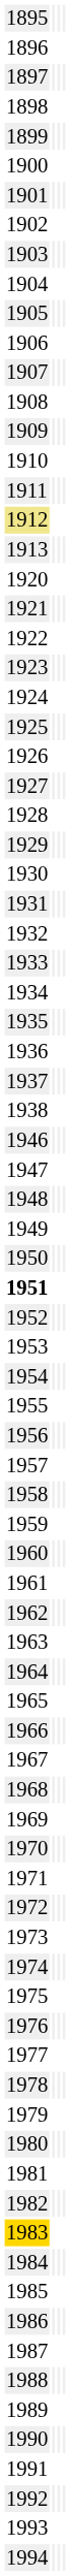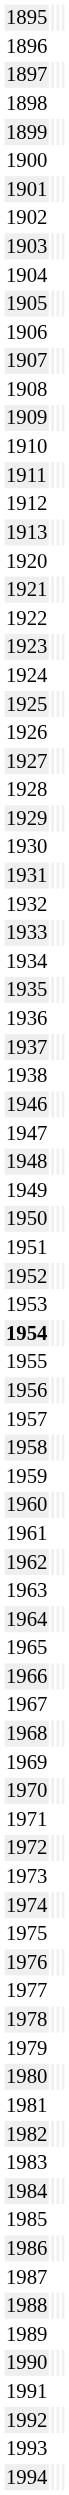 <table>
 <tr bgcolor="#EFEFEF">
 <td>1895</td>
 <td></td>
 <td></td>
 <td></td>
 </tr>
 <tr>
 <td>1896</td>
 <td></td>
 <td></td>
 <td></td>
 </tr>
 <tr bgcolor="#EFEFEF">
 <td>1897</td>
 <td></td>
 <td></td>
 <td></td>
 </tr>
 <tr>
 <td>1898</td>
 <td></td>
 <td></td>
 <td></td>
 </tr>
 <tr bgcolor="#EFEFEF">
 <td>1899</td>
 <td></td>
 <td></td>
 <td></td>
 </tr>
 <tr>
 <td>1900</td>
 <td></td>
 <td></td>
 <td></td>
 </tr>
 <tr bgcolor="#EFEFEF">
 <td>1901</td>
 <td></td>
 <td></td>
 <td></td>
 </tr>
 <tr>
 <td>1902</td>
 <td></td>
 <td></td>
 <td></td>
 </tr>
 <tr bgcolor="#EFEFEF">
 <td>1903</td>
 <td></td>
 <td></td>
 <td></td>
 </tr>
 <tr>
 <td>1904</td>
 <td></td>
 <td></td>
 <td></td>
 </tr>
 <tr bgcolor="#EFEFEF">
 <td>1905</td>
 <td></td>
 <td></td>
 <td></td>
 </tr>
 <tr>
 <td>1906</td>
 <td></td>
 <td></td>
 <td></td>
 </tr>
 <tr bgcolor="#EFEFEF">
 <td>1907</td>
 <td></td>
 <td></td>
 <td></td>
 </tr>
 <tr>
 <td>1908</td>
 <td></td>
 <td></td>
 <td></td>
 </tr>
 <tr bgcolor="#EFEFEF">
 <td>1909</td>
 <td></td>
 <td></td>
 <td></td>
 </tr>
 <tr>
 <td>1910</td>
 <td></td>
 <td></td>
 <td></td>
 </tr>
 <tr bgcolor="#EFEFEF">
 <td>1911</td>
 <td></td>
 <td></td>
 <td></td>
 </tr>
 <tr>
-<td style="background: khaki;">1912</td>
+<td>1912</td>
 <td></td>
 <td></td>
 <td></td>
 </tr>
 <tr bgcolor="#EFEFEF">
 <td>1913</td>
 <td></td>
 <td></td>
 <td></td>
 </tr>
 <tr>
 <td>1920</td>
 <td></td>
 <td></td>
 <td></td>
 </tr>
 <tr bgcolor="#EFEFEF">
 <td>1921</td>
 <td></td>
 <td></td>
 <td></td>
 </tr>
 <tr>
 <td>1922</td>
 <td></td>
 <td></td>
 <td></td>
 </tr>
 <tr bgcolor="#EFEFEF">
 <td>1923</td>
 <td></td>
 <td></td>
 <td></td>
 </tr>
 <tr>
 <td>1924</td>
 <td></td>
 <td></td>
 <td></td>
 </tr>
 <tr bgcolor="#EFEFEF">
 <td>1925</td>
 <td></td>
 <td></td>
 <td></td>
 </tr>
 <tr>
 <td>1926</td>
 <td></td>
 <td></td>
 <td></td>
 </tr>
 <tr bgcolor="#EFEFEF">
 <td>1927</td>
 <td></td>
 <td></td>
 <td></td>
 </tr>
 <tr>
 <td>1928</td>
 <td></td>
 <td></td>
 <td></td>
 </tr>
 <tr bgcolor="#EFEFEF">
 <td>1929</td>
 <td></td>
 <td></td>
 <td></td>
 </tr>
 <tr>
 <td>1930</td>
 <td></td>
 <td></td>
 <td></td>
 </tr>
 <tr bgcolor="#EFEFEF">
 <td>1931</td>
 <td></td>
 <td></td>
 <td></td>
 </tr>
 <tr>
 <td>1932</td>
 <td></td>
 <td></td>
 <td></td>
 </tr>
 <tr bgcolor="#EFEFEF">
 <td>1933</td>
 <td></td>
 <td></td>
 <td></td>
 </tr>
 <tr>
 <td>1934</td>
 <td></td>
 <td></td>
 <td></td>
 </tr>
 <tr bgcolor="#EFEFEF">
 <td>1935</td>
 <td></td>
 <td></td>
 <td></td>
 </tr>
 <tr>
 <td>1936</td>
 <td></td>
 <td></td>
 <td></td>
 </tr>
 <tr bgcolor="#EFEFEF">
 <td>1937</td>
 <td></td>
 <td></td>
 <td></td>
 </tr>
 <tr>
 <td>1938</td>
 <td></td>
 <td></td>
 <td></td>
 </tr>
 <tr bgcolor="#EFEFEF">
 <td>1946</td>
 <td></td>
 <td></td>
 <td></td>
 </tr>
 <tr>
 <td>1947</td>
 <td></td>
 <td></td>
 <td></td>
 </tr>
 <tr bgcolor="#EFEFEF">
 <td>1948</td>
 <td></td>
 <td></td>
 <td></td>
 </tr>
 <tr>
 <td>1949</td>
 <td></td>
 <td></td>
 <td></td>
 </tr>
 <tr bgcolor="#EFEFEF">
 <td>1950</td>
 <td></td>
 <td></td>
 <td></td>
 </tr>
 <tr>
-<td><strong>1951</strong></td>
+<td>1951</td>
 <td></td>
 <td></td>
 <td></td>
 </tr>
 <tr bgcolor="#EFEFEF">
 <td>1952</td>
 <td></td>
 <td></td>
 <td></td>
 </tr>
 <tr>
 <td>1953</td>
 <td></td>
 <td></td>
 <td></td>
 </tr>
 <tr bgcolor="#EFEFEF">
-<td>1954</td>
+<td><strong>1954</strong></td>
 <td></td>
 <td></td>
 <td></td>
 </tr>
 <tr>
 <td>1955</td>
 <td></td>
 <td></td>
 <td></td>
 </tr>
 <tr bgcolor="#EFEFEF">
 <td>1956</td>
 <td></td>
 <td></td>
 <td></td>
 </tr>
 <tr>
 <td>1957</td>
 <td></td>
 <td></td>
 <td></td>
 </tr>
 <tr bgcolor="#EFEFEF">
 <td>1958</td>
 <td></td>
 <td></td>
 <td></td>
 </tr>
 <tr>
 <td>1959</td>
 <td></td>
 <td></td>
 <td></td>
 </tr>
 <tr bgcolor="#EFEFEF">
 <td>1960</td>
 <td></td>
 <td></td>
 <td></td>
 </tr>
 <tr>
 <td>1961</td>
 <td></td>
 <td></td>
 <td></td>
 </tr>
 <tr bgcolor="#EFEFEF">
 <td>1962</td>
 <td></td>
 <td></td>
 <td></td>
 </tr>
 <tr>
 <td>1963</td>
 <td></td>
 <td></td>
 <td></td>
 </tr>
 <tr bgcolor="#EFEFEF">
 <td>1964</td>
 <td></td>
 <td></td>
 <td></td>
 </tr>
 <tr>
 <td>1965</td>
 <td></td>
 <td></td>
 <td></td>
 </tr>
 <tr bgcolor="#EFEFEF">
 <td>1966</td>
 <td></td>
 <td></td>
 <td></td>
 </tr>
 <tr>
 <td>1967</td>
 <td></td>
 <td></td>
 <td></td>
 </tr>
 <tr bgcolor="#EFEFEF">
 <td>1968</td>
 <td></td>
 <td></td>
 <td></td>
 </tr>
 <tr>
 <td>1969</td>
 <td></td>
 <td></td>
 <td></td>
 </tr>
 <tr bgcolor="#EFEFEF">
 <td>1970</td>
 <td></td>
 <td></td>
 <td></td>
 </tr>
 <tr>
 <td>1971</td>
 <td></td>
 <td></td>
 <td></td>
 </tr>
 <tr bgcolor="#EFEFEF">
 <td>1972</td>
 <td></td>
 <td></td>
 <td></td>
 </tr>
 <tr>
 <td>1973</td>
 <td></td>
 <td></td>
 <td></td>
 </tr>
 <tr bgcolor="#EFEFEF">
 <td>1974</td>
 <td></td>
 <td></td>
 <td></td>
 </tr>
 <tr>
 <td>1975</td>
 <td></td>
 <td></td>
 <td></td>
 </tr>
 <tr bgcolor="#EFEFEF">
 <td>1976</td>
 <td></td>
 <td></td>
 <td></td>
 </tr>
 <tr>
 <td>1977</td>
 <td></td>
 <td></td>
 <td></td>
 </tr>
 <tr bgcolor="#EFEFEF">
 <td>1978</td>
 <td></td>
 <td></td>
 <td></td>
 </tr>
 <tr>
 <td>1979</td>
 <td></td>
 <td></td>
 <td></td>
 </tr>
 <tr bgcolor="#EFEFEF">
 <td>1980</td>
 <td></td>
 <td></td>
 <td></td>
 </tr>
 <tr>
 <td>1981</td>
 <td></td>
 <td></td>
 <td></td>
 </tr>
 <tr bgcolor="#EFEFEF">
 <td>1982</td>
 <td></td>
 <td></td>
 <td></td>
 </tr>
 <tr>
-<td style="background: gold;">1983</td>
+<td>1983</td>
 <td></td>
 <td></td>
 <td></td>
 </tr>
 <tr bgcolor="#EFEFEF">
 <td>1984</td>
 <td></td>
 <td></td>
 <td></td>
 </tr>
 <tr>
 <td>1985</td>
 <td></td>
 <td></td>
 <td></td>
 </tr>
 <tr bgcolor="#EFEFEF">
 <td>1986</td>
 <td></td>
 <td></td>
 <td></td>
 </tr>
 <tr>
 <td>1987</td>
 <td></td>
 <td></td>
 <td></td>
 </tr>
 <tr bgcolor="#EFEFEF">
 <td>1988</td>
 <td></td>
 <td></td>
 <td></td>
 </tr>
 <tr>
 <td>1989</td>
 <td></td>
 <td></td>
 <td></td>
 </tr>
 <tr bgcolor="#EFEFEF">
 <td>1990</td>
 <td></td>
 <td></td>
 <td></td>
 </tr>
 <tr>
 <td>1991</td>
 <td></td>
 <td></td>
 <td></td>
 </tr>
 <tr bgcolor="#EFEFEF">
 <td>1992</td>
 <td></td>
 <td></td>
 <td></td>
 </tr>
 <tr>
 <td>1993</td>
 <td></td>
 <td></td>
 <td></td>
 </tr>
 <tr bgcolor="#EFEFEF">
 <td>1994</td>
 <td></td>
 <td></td>
 <td></td>
 </tr>
 </table>
